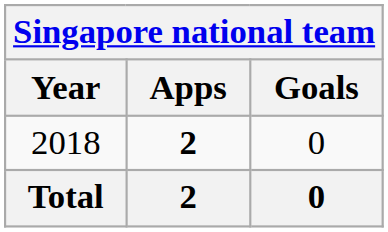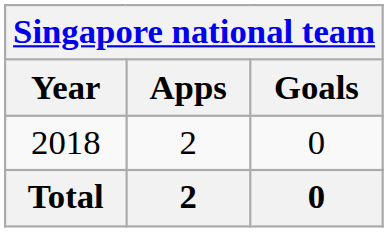 <table class="wikitable" style="text-align:center">
 <tr>
 <th colspan=3><a href='#'>Singapore national team</a></th>
 </tr>
 <tr>
 <th>Year</th>
 <th>Apps</th>
 <th>Goals</th>
 </tr>
 <tr>
 <td>2018</td>
-<td><strong>2</strong></td>
+<td>2</td>
 <td>0</td>
 </tr>
 <tr>
 <th>Total</th>
 <th>2</th>
 <th>0</th>
 </tr>
 </table>
